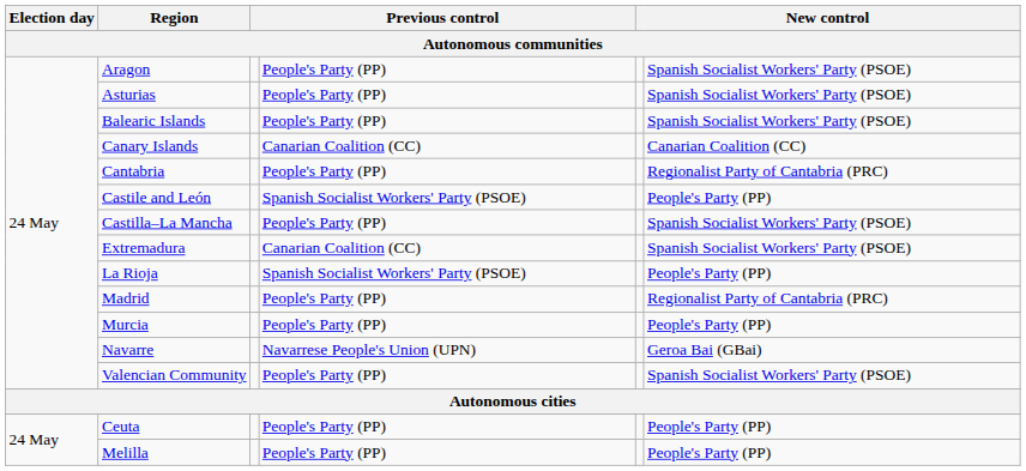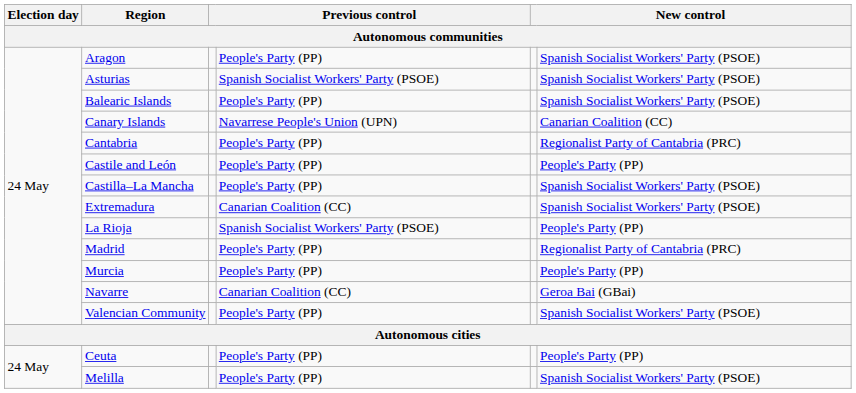 <table class="wikitable">
 <tr>
 <th>Election day</th>
 <th>Region</th>
 <th colspan="2" style="width:375px;">Previous control</th>
 <th colspan="2" style="width:375px;">New control</th>
 </tr>
 <tr>
 <th colspan="6">Autonomous communities</th>
 </tr>
 <tr>
 <td rowspan="13">24 May</td>
 <td><a href='#'>Aragon</a></td>
 <td width="1" style="color:inherit;background:"></td>
 <td><a href='#'>People's Party</a> (PP)</td>
 <td width="1" style="color:inherit;background:"></td>
 <td><a href='#'>Spanish Socialist Workers' Party</a> (PSOE)</td>
 </tr>
 <tr>
 <td><a href='#'>Asturias</a></td>
 <td style="color:inherit;background:"></td>
-<td><a href='#'>People's Party</a> (PP)</td>
+<td><a href='#'>Spanish Socialist Workers' Party</a> (PSOE)</td>
 <td style="color:inherit;background:"></td>
 <td><a href='#'>Spanish Socialist Workers' Party</a> (PSOE)</td>
 </tr>
 <tr>
 <td><a href='#'>Balearic Islands</a></td>
 <td style="color:inherit;background:"></td>
 <td><a href='#'>People's Party</a> (PP)</td>
 <td style="color:inherit;background:"></td>
 <td><a href='#'>Spanish Socialist Workers' Party</a> (PSOE)</td>
 </tr>
 <tr>
 <td><a href='#'>Canary Islands</a></td>
 <td style="color:inherit;background:"></td>
-<td><a href='#'>Canarian Coalition</a> (CC)</td>
+<td><a href='#'>Navarrese People's Union</a> (UPN)</td>
 <td style="color:inherit;background:"></td>
 <td><a href='#'>Canarian Coalition</a> (CC)</td>
 </tr>
 <tr>
 <td><a href='#'>Cantabria</a></td>
 <td style="color:inherit;background:"></td>
 <td><a href='#'>People's Party</a> (PP)</td>
 <td style="color:inherit;background:"></td>
 <td><a href='#'>Regionalist Party of Cantabria</a> (PRC)</td>
 </tr>
 <tr>
 <td><a href='#'>Castile and León</a></td>
 <td style="color:inherit;background:"></td>
-<td><a href='#'>Spanish Socialist Workers' Party</a> (PSOE)</td>
+<td><a href='#'>People's Party</a> (PP)</td>
 <td style="color:inherit;background:"></td>
 <td><a href='#'>People's Party</a> (PP)</td>
 </tr>
 <tr>
 <td><a href='#'>Castilla–La Mancha</a></td>
 <td style="color:inherit;background:"></td>
 <td><a href='#'>People's Party</a> (PP)</td>
 <td style="color:inherit;background:"></td>
 <td><a href='#'>Spanish Socialist Workers' Party</a> (PSOE)</td>
 </tr>
 <tr>
 <td><a href='#'>Extremadura</a></td>
 <td style="color:inherit;background:"></td>
 <td><a href='#'>Canarian Coalition</a> (CC)</td>
 <td style="color:inherit;background:"></td>
 <td><a href='#'>Spanish Socialist Workers' Party</a> (PSOE)</td>
 </tr>
 <tr>
 <td><a href='#'>La Rioja</a></td>
 <td style="color:inherit;background:"></td>
 <td><a href='#'>Spanish Socialist Workers' Party</a> (PSOE)</td>
 <td style="color:inherit;background:"></td>
 <td><a href='#'>People's Party</a> (PP)</td>
 </tr>
 <tr>
 <td><a href='#'>Madrid</a></td>
 <td style="color:inherit;background:"></td>
 <td><a href='#'>People's Party</a> (PP)</td>
 <td style="color:inherit;background:"></td>
 <td><a href='#'>Regionalist Party of Cantabria</a> (PRC)</td>
 </tr>
 <tr>
 <td><a href='#'>Murcia</a></td>
 <td style="color:inherit;background:"></td>
 <td><a href='#'>People's Party</a> (PP)</td>
 <td style="color:inherit;background:"></td>
 <td><a href='#'>People's Party</a> (PP)</td>
 </tr>
 <tr>
 <td><a href='#'>Navarre</a></td>
 <td style="color:inherit;background:"></td>
-<td><a href='#'>Navarrese People's Union</a> (UPN)</td>
+<td><a href='#'>Canarian Coalition</a> (CC)</td>
 <td style="color:inherit;background:"></td>
 <td><a href='#'>Geroa Bai</a> (GBai)</td>
 </tr>
 <tr>
 <td><a href='#'>Valencian Community</a></td>
 <td style="color:inherit;background:"></td>
 <td><a href='#'>People's Party</a> (PP)</td>
 <td style="color:inherit;background:"></td>
 <td><a href='#'>Spanish Socialist Workers' Party</a> (PSOE)</td>
 </tr>
 <tr>
 <th colspan="6">Autonomous cities</th>
 </tr>
 <tr>
 <td rowspan="2">24 May</td>
 <td><a href='#'>Ceuta</a></td>
 <td style="color:inherit;background:"></td>
 <td><a href='#'>People's Party</a> (PP)</td>
 <td style="color:inherit;background:"></td>
 <td><a href='#'>People's Party</a> (PP)</td>
 </tr>
 <tr>
 <td><a href='#'>Melilla</a></td>
 <td style="color:inherit;background:"></td>
 <td><a href='#'>People's Party</a> (PP)</td>
 <td style="color:inherit;background:"></td>
-<td><a href='#'>People's Party</a> (PP)</td>
+<td><a href='#'>Spanish Socialist Workers' Party</a> (PSOE)</td>
 </tr>
 </table>
